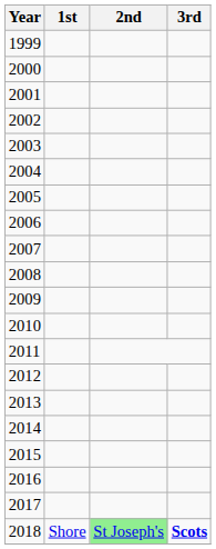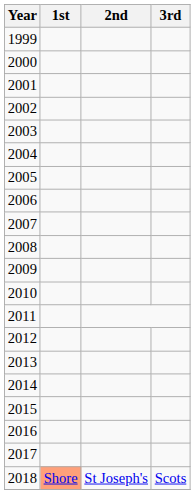 <table class="wikitable sortable">
 <tr>
 <th>Year</th>
 <th>1st</th>
 <th>2nd</th>
 <th>3rd</th>
 </tr>
 <tr>
 <td>1999</td>
 <td></td>
 <td></td>
 <td></td>
 </tr>
 <tr>
 <td>2000</td>
 <td></td>
 <td></td>
 <td></td>
 </tr>
 <tr>
 <td>2001</td>
 <td></td>
 <td></td>
 <td></td>
 </tr>
 <tr>
 <td>2002</td>
 <td></td>
 <td></td>
 <td></td>
 </tr>
 <tr>
 <td>2003</td>
 <td></td>
 <td></td>
 <td></td>
 </tr>
 <tr>
 <td>2004</td>
 <td></td>
 <td></td>
 <td></td>
 </tr>
 <tr>
 <td>2005</td>
 <td></td>
 <td></td>
 <td></td>
 </tr>
 <tr>
 <td>2006</td>
 <td></td>
 <td></td>
 <td></td>
 </tr>
 <tr>
 <td>2007</td>
 <td></td>
 <td></td>
 <td></td>
 </tr>
 <tr>
 <td>2008</td>
 <td></td>
 <td></td>
 <td></td>
 </tr>
 <tr>
 <td>2009</td>
 <td></td>
 <td></td>
 <td></td>
 </tr>
 <tr>
 <td>2010</td>
 <td></td>
 <td></td>
 <td></td>
 </tr>
 <tr>
 <td>2011</td>
 <td></td>
 </tr>
 <tr>
 <td>2012</td>
 <td></td>
 <td></td>
 <td></td>
 </tr>
 <tr>
 <td>2013</td>
 <td></td>
 <td></td>
 <td></td>
 </tr>
 <tr>
 <td>2014</td>
 <td></td>
 <td></td>
 <td></td>
 </tr>
 <tr>
 <td>2015</td>
 <td></td>
 <td></td>
 <td></td>
 </tr>
 <tr>
 <td>2016</td>
 <td></td>
 <td></td>
 <td></td>
 </tr>
 <tr>
 <td>2017</td>
 <td></td>
 <td></td>
 <td></td>
 </tr>
 <tr>
 <td>2018</td>
-<td><a href='#'>Shore</a></td>
-<td style="background: lightgreen;"><a href='#'>St Joseph's</a></td>
-<td><strong><a href='#'>Scots</a></strong></td>
+<td style="background: lightsalmon;"><a href='#'>Shore</a></td>
+<td><a href='#'>St Joseph's</a></td>
+<td><a href='#'>Scots</a></td>
 </tr>
 <tr>
 </tr>
 </table>
